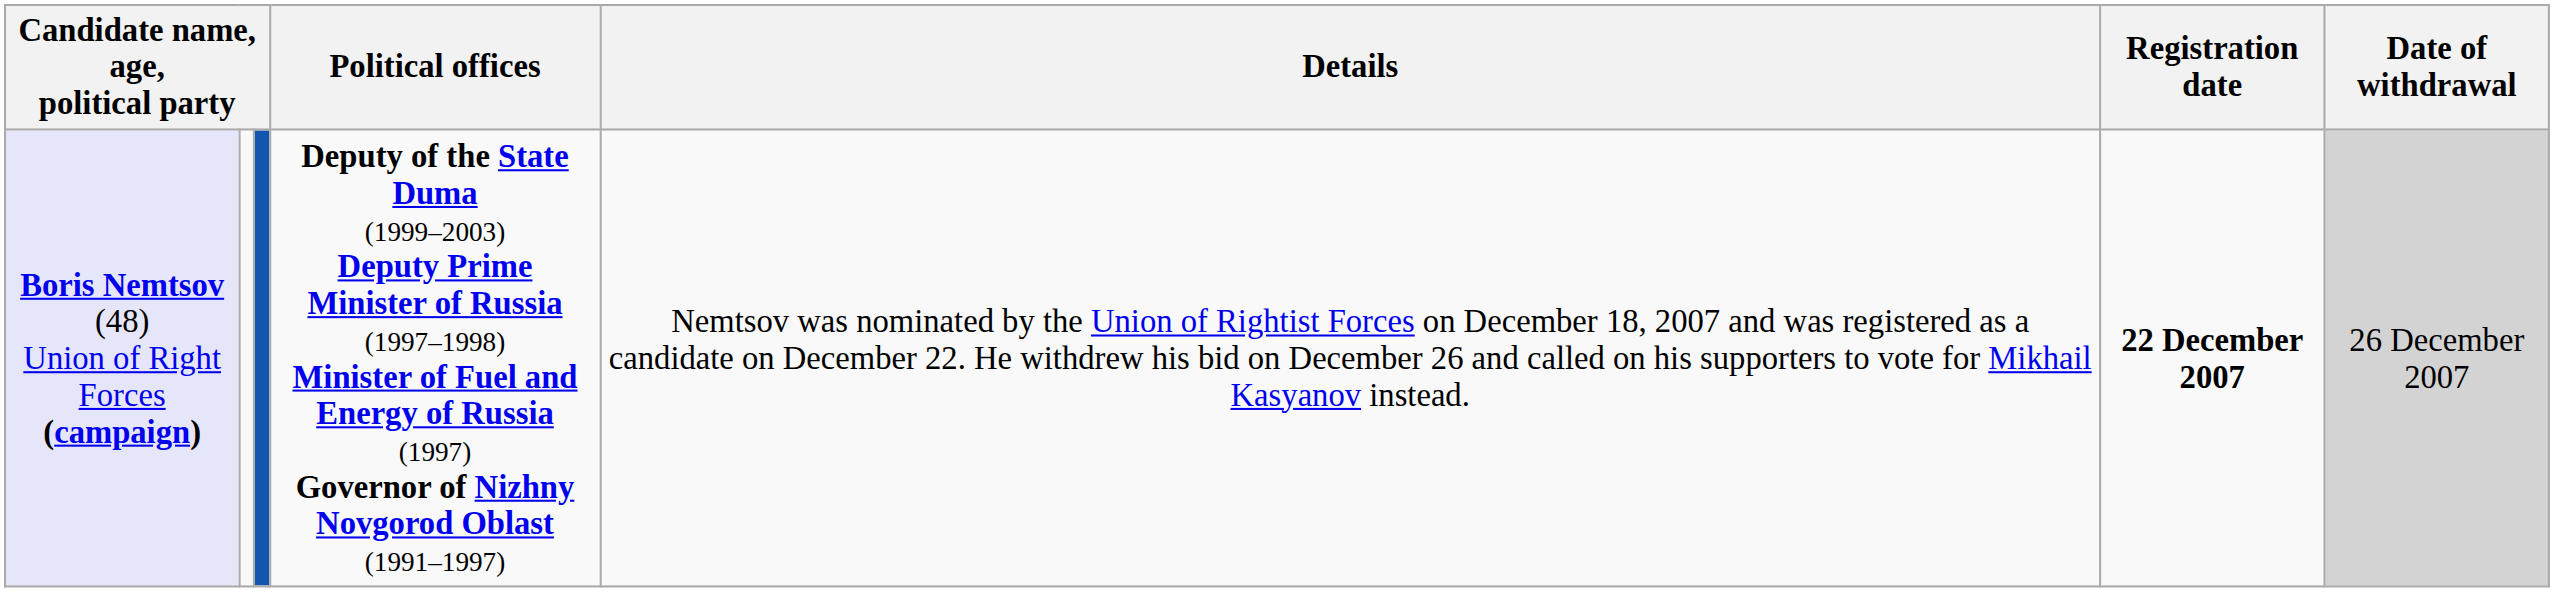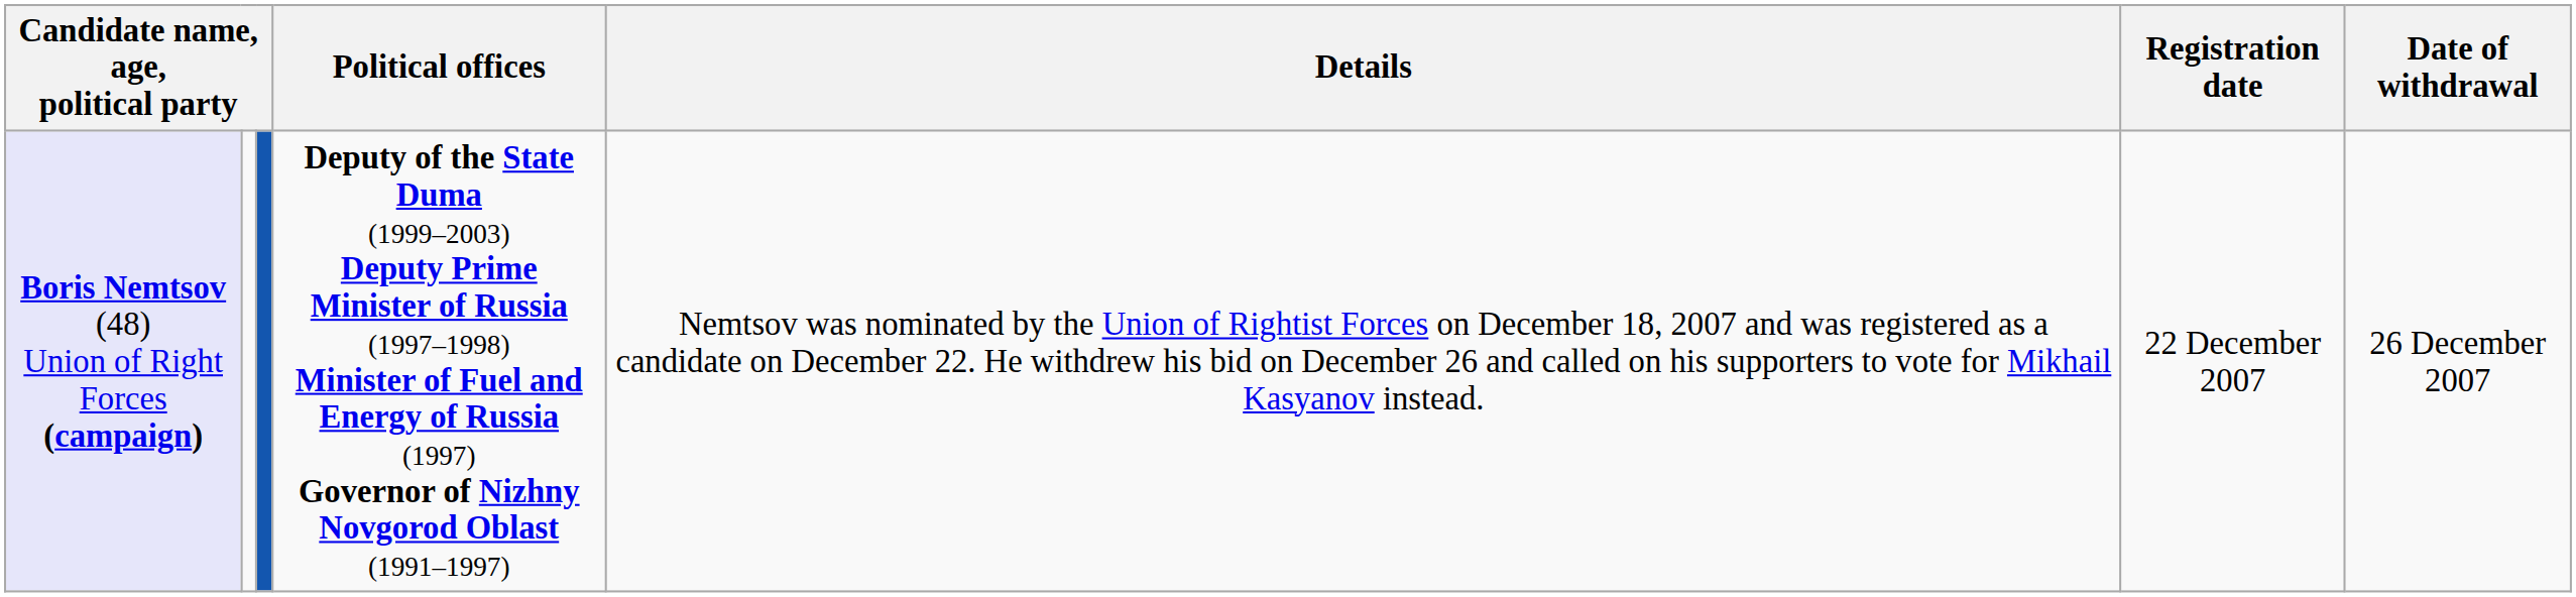 <table class="wikitable" style="text-align:center;">
 <tr>
 <th colspan="3">Candidate name, age,<br>political party</th>
 <th>Political offices</th>
 <th>Details</th>
 <th>Registration date</th>
 <th>Date of withdrawal</th>
 </tr>
 <tr>
 <td style="background:lavender;"><strong><a href='#'>Boris Nemtsov</a></strong><br>(48)<br><a href='#'>Union of Right Forces</a><br><strong>(<a href='#'>campaign</a>)</strong></td>
 <td></td>
 <td style="background-color:#1356AF;"></td>
 <td><strong>Deputy of the <a href='#'>State Duma</a></strong><br><small>(1999–2003)</small><br><strong><a href='#'>Deputy Prime Minister of Russia</a></strong><br><small>(1997–1998)</small><br><strong><a href='#'>Minister of Fuel and Energy of Russia</a></strong><br><small>(1997)</small><br><strong>Governor of <a href='#'>Nizhny Novgorod Oblast</a></strong><br><small>(1991–1997)</small></td>
 <td>Nemtsov was nominated by the <a href='#'>Union of Rightist Forces</a> on December 18, 2007 and was registered as a candidate on December 22. He withdrew his bid on December 26 and called on his supporters to vote for <a href='#'>Mikhail Kasyanov</a> instead.</td>
-<td><strong>22 December 2007</strong></td>
-<td style="background: lightgrey;">26 December 2007</td>
+<td>22 December 2007</td>
+<td>26 December 2007</td>
 </tr>
 </table>
